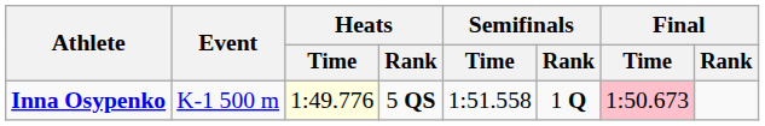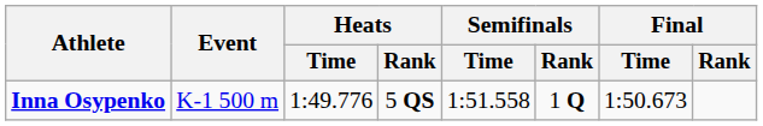 <table class=wikitable style="font-size:90%">
 <tr>
 <th rowspan="2">Athlete</th>
 <th rowspan="2">Event</th>
 <th colspan="2">Heats</th>
 <th colspan="2">Semifinals</th>
 <th colspan="2">Final</th>
 </tr>
 <tr style="font-size:95%">
 <th>Time</th>
 <th>Rank</th>
 <th>Time</th>
 <th>Rank</th>
 <th>Time</th>
 <th>Rank</th>
 </tr>
 <tr align=center>
 <td align=left><strong><a href='#'>Inna Osypenko</a></strong></td>
 <td align=left><a href='#'>K-1 500 m</a></td>
-<td style="background: lightyellow;">1:49.776</td>
+<td>1:49.776</td>
 <td>5 <strong>QS</strong></td>
 <td>1:51.558</td>
 <td>1 <strong>Q</strong></td>
-<td style="background: pink;">1:50.673</td>
+<td>1:50.673</td>
 <td></td>
 </tr>
 </table>
